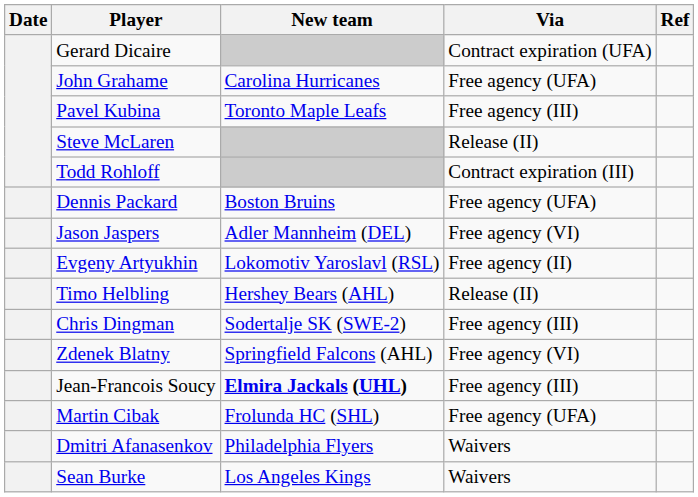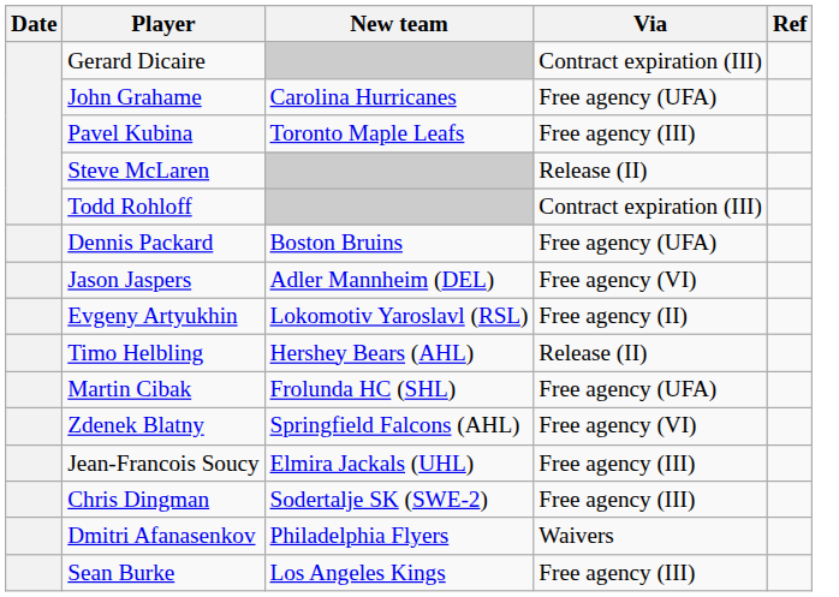 <table class="wikitable plainrowheaders">
 <tr style="background:#ddd; text-align:center;">
 <th>Date</th>
 <th>Player</th>
 <th>New team</th>
 <th>Via</th>
 <th>Ref</th>
 </tr>
 <tr>
 <th scope="row" rowspan=5></th>
 <td>Gerard Dicaire</td>
 <td style="background:#ccc"></td>
-<td>Contract expiration (UFA)</td>
+<td>Contract expiration (III)</td>
 <td></td>
 </tr>
 <tr>
 <td><a href='#'>John Grahame</a></td>
 <td><a href='#'>Carolina Hurricanes</a></td>
 <td>Free agency (UFA)</td>
 <td></td>
 </tr>
 <tr>
 <td><a href='#'>Pavel Kubina</a></td>
 <td><a href='#'>Toronto Maple Leafs</a></td>
 <td>Free agency (III)</td>
 <td></td>
 </tr>
 <tr>
 <td><a href='#'>Steve McLaren</a></td>
 <td style="background:#ccc"></td>
 <td>Release (II)</td>
 <td></td>
 </tr>
 <tr>
 <td><a href='#'>Todd Rohloff</a></td>
 <td style="background:#ccc"></td>
 <td>Contract expiration (III)</td>
 <td></td>
 </tr>
 <tr>
 <th scope="row"></th>
 <td><a href='#'>Dennis Packard</a></td>
 <td><a href='#'>Boston Bruins</a></td>
 <td>Free agency (UFA)</td>
 <td></td>
 </tr>
 <tr>
 <th scope="row"></th>
 <td><a href='#'>Jason Jaspers</a></td>
 <td><a href='#'>Adler Mannheim</a> (<a href='#'>DEL</a>)</td>
 <td>Free agency (VI)</td>
 <td></td>
 </tr>
 <tr>
 <th scope="row"></th>
 <td><a href='#'>Evgeny Artyukhin</a></td>
 <td><a href='#'>Lokomotiv Yaroslavl</a> (<a href='#'>RSL</a>)</td>
 <td>Free agency (II)</td>
 <td></td>
 </tr>
 <tr>
 <th scope="row"></th>
 <td><a href='#'>Timo Helbling</a></td>
 <td><a href='#'>Hershey Bears</a> (<a href='#'>AHL</a>)</td>
 <td>Release (II)</td>
 <td></td>
 </tr>
 <tr>
 <th scope="row"></th>
-<td><a href='#'>Chris Dingman</a></td>
-<td><a href='#'>Sodertalje SK</a> (<a href='#'>SWE-2</a>)</td>
-<td>Free agency (III)</td>
+<td><a href='#'>Martin Cibak</a></td>
+<td><a href='#'>Frolunda HC</a> (<a href='#'>SHL</a>)</td>
+<td>Free agency (UFA)</td>
 <td></td>
 </tr>
 <tr>
 <th scope="row"></th>
 <td><a href='#'>Zdenek Blatny</a></td>
 <td><a href='#'>Springfield Falcons</a> (AHL)</td>
 <td>Free agency (VI)</td>
 <td></td>
 </tr>
 <tr>
 <th scope="row"></th>
 <td>Jean-Francois Soucy</td>
-<td><strong><a href='#'>Elmira Jackals</a> (<a href='#'>UHL</a>)</strong></td>
+<td><a href='#'>Elmira Jackals</a> (<a href='#'>UHL</a>)</td>
 <td>Free agency (III)</td>
 <td></td>
 </tr>
 <tr>
 <th scope="row"></th>
-<td><a href='#'>Martin Cibak</a></td>
-<td><a href='#'>Frolunda HC</a> (<a href='#'>SHL</a>)</td>
-<td>Free agency (UFA)</td>
+<td><a href='#'>Chris Dingman</a></td>
+<td><a href='#'>Sodertalje SK</a> (<a href='#'>SWE-2</a>)</td>
+<td>Free agency (III)</td>
 <td></td>
 </tr>
 <tr>
 <th scope="row"></th>
 <td><a href='#'>Dmitri Afanasenkov</a></td>
 <td><a href='#'>Philadelphia Flyers</a></td>
 <td>Waivers</td>
 <td></td>
 </tr>
 <tr>
 <th scope="row"></th>
 <td><a href='#'>Sean Burke</a></td>
 <td><a href='#'>Los Angeles Kings</a></td>
-<td>Waivers</td>
+<td>Free agency (III)</td>
 <td></td>
 </tr>
 </table>
